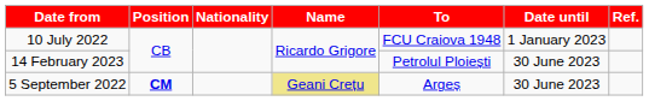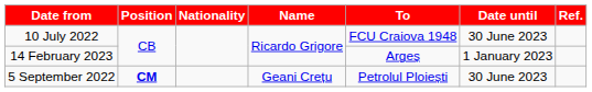 <table class="wikitable"  style="text-align:center; font-size:90%; ">
 <tr>
 <th style="background:red;color:white;">Date from</th>
 <th style="background:red;color:white;">Position</th>
 <th style="background:red;color:white;">Nationality</th>
 <th style="background:red;color:white;">Name</th>
 <th style="background:red;color:white;">To</th>
 <th style="background:red;color:white;">Date until</th>
 <th style="background:red;color:white;">Ref.</th>
 </tr>
 <tr>
 <td>10 July 2022</td>
 <td rowspan=2><a href='#'>CB</a></td>
 <td rowspan=2></td>
 <td rowspan=2><a href='#'>Ricardo Grigore</a></td>
 <td><a href='#'>FCU Craiova 1948</a></td>
-<td>1 January 2023</td>
+<td>30 June 2023</td>
 <td></td>
 </tr>
 <tr>
 <td>14 February 2023</td>
-<td><a href='#'>Petrolul Ploiești</a></td>
-<td>30 June 2023</td>
+<td><a href='#'>Argeș</a></td>
+<td>1 January 2023</td>
 <td></td>
 </tr>
 <tr>
 <td>5 September 2022</td>
 <td><strong><a href='#'>CM</a></strong></td>
 <td></td>
-<td style="background: khaki;"><a href='#'>Geani Crețu</a></td>
-<td><a href='#'>Argeș</a></td>
+<td><a href='#'>Geani Crețu</a></td>
+<td><a href='#'>Petrolul Ploiești</a></td>
 <td>30 June 2023</td>
 <td></td>
 </tr>
 </table>
